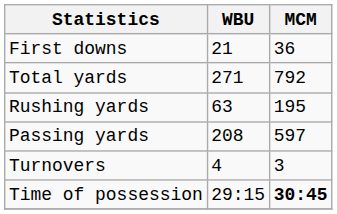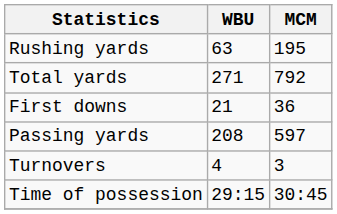 <table class="wikitable">
 <tr>
 <th>Statistics</th>
 <th>WBU</th>
 <th>MCM</th>
 </tr>
 <tr>
-<td>First downs</td>
-<td>21</td>
-<td>36</td>
+<td>Rushing yards</td>
+<td>63</td>
+<td>195</td>
 </tr>
 <tr>
 <td>Total yards</td>
 <td>271</td>
 <td>792</td>
 </tr>
 <tr>
-<td>Rushing yards</td>
-<td>63</td>
-<td>195</td>
+<td>First downs</td>
+<td>21</td>
+<td>36</td>
 </tr>
 <tr>
 <td>Passing yards</td>
 <td>208</td>
 <td>597</td>
 </tr>
 <tr>
 <td>Turnovers</td>
 <td>4</td>
 <td>3</td>
 </tr>
 <tr>
 <td>Time of possession</td>
 <td>29:15</td>
-<td><strong>30:45</strong></td>
+<td>30:45</td>
 </tr>
 <tr>
 </tr>
 </table>
